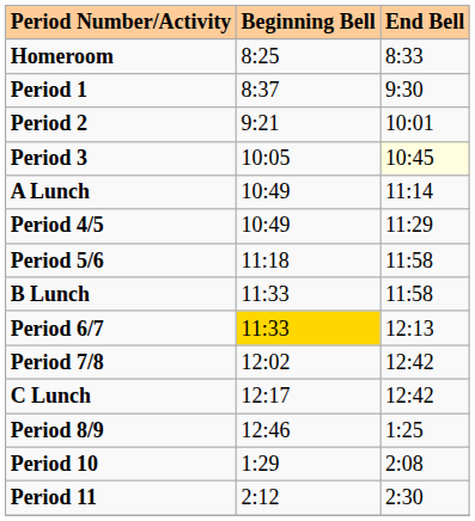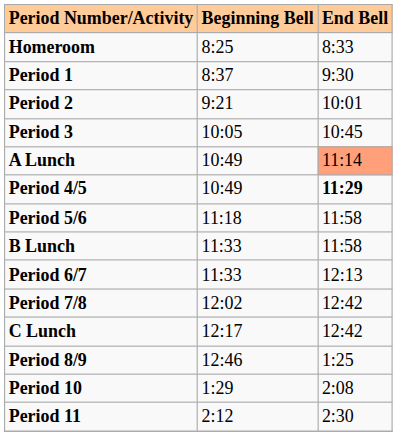 <table class="wikitable">
 <tr>
 <th style="background:#FFCC99;">Period Number/Activity</th>
 <th style="background:#FFCC99;">Beginning Bell</th>
 <th style="background:#FFCC99;">End Bell</th>
 </tr>
 <tr>
 <td><strong>Homeroom</strong></td>
 <td>8:25</td>
 <td>8:33</td>
 </tr>
 <tr>
 <td><strong>Period 1</strong></td>
 <td>8:37</td>
 <td>9:30</td>
 </tr>
 <tr>
 <td><strong>Period 2</strong></td>
 <td>9:21</td>
 <td>10:01</td>
 </tr>
 <tr>
 <td><strong>Period 3</strong></td>
 <td>10:05</td>
-<td style="background: lightyellow;">10:45</td>
+<td>10:45</td>
 </tr>
 <tr>
 <td><strong>A Lunch</strong></td>
 <td>10:49</td>
-<td>11:14</td>
+<td style="background: lightsalmon;">11:14</td>
 </tr>
 <tr>
 <td><strong>Period 4/5</strong></td>
 <td>10:49</td>
-<td>11:29</td>
+<td><strong>11:29</strong></td>
 </tr>
 <tr>
 <td><strong>Period 5/6</strong></td>
 <td>11:18</td>
 <td>11:58</td>
 </tr>
 <tr>
 <td><strong>B Lunch</strong></td>
 <td>11:33</td>
 <td>11:58</td>
 </tr>
 <tr>
 <td><strong>Period 6/7</strong></td>
-<td style="background: gold;">11:33</td>
+<td>11:33</td>
 <td>12:13</td>
 </tr>
 <tr>
 <td><strong>Period 7/8</strong></td>
 <td>12:02</td>
 <td>12:42</td>
 </tr>
 <tr>
 <td><strong>C Lunch</strong></td>
 <td>12:17</td>
 <td>12:42</td>
 </tr>
 <tr>
 <td><strong>Period 8/9</strong></td>
 <td>12:46</td>
 <td>1:25</td>
 </tr>
 <tr>
 <td><strong>Period 10</strong></td>
 <td>1:29</td>
 <td>2:08</td>
 </tr>
 <tr>
 <td><strong>Period 11</strong></td>
 <td>2:12</td>
 <td>2:30</td>
 </tr>
 <tr>
 </tr>
 </table>
